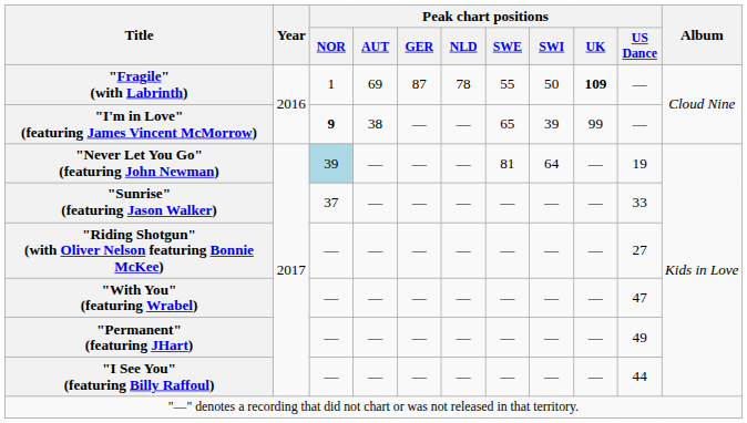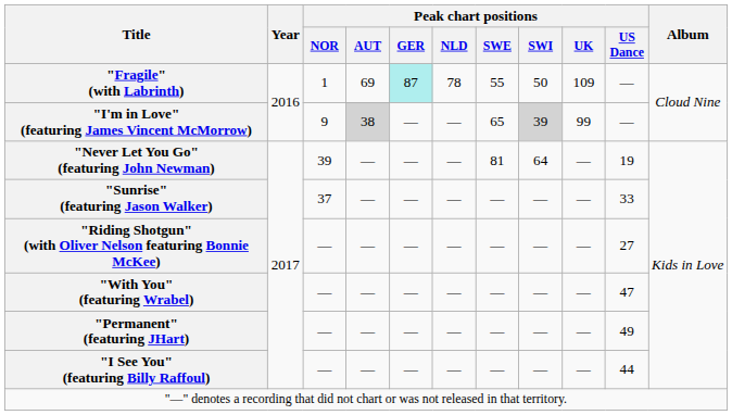 <table class="wikitable plainrowheaders" style="text-align:center;" border="1">
 <tr>
 <th scope="col" rowspan="2" style="width:18em;">Title</th>
 <th scope="col" rowspan="2" style="width:1em;">Year</th>
 <th scope="col" colspan="8">Peak chart positions</th>
 <th scope="col" rowspan="2">Album</th>
 </tr>
 <tr>
 <th scope="col" style="width:2.9em;font-size:90%;"><a href='#'>NOR</a><br></th>
 <th scope="col" style="width:2.9em;font-size:90%;"><a href='#'>AUT</a><br></th>
 <th scope="col" style="width:2.9em;font-size:90%;"><a href='#'>GER</a><br></th>
 <th scope="col" style="width:2.9em;font-size:90%;"><a href='#'>NLD</a><br></th>
 <th scope="col" style="width:2.9em;font-size:90%;"><a href='#'>SWE</a><br></th>
 <th scope="col" style="width:2.9em;font-size:90%;"><a href='#'>SWI</a><br></th>
 <th scope="col" style="width:2.9em;font-size:90%;"><a href='#'>UK</a><br></th>
 <th scope="col" style="width:2.9em;font-size:90%;"><a href='#'>US<br>Dance</a><br></th>
 </tr>
 <tr>
 <th scope="row">"<a href='#'>Fragile</a>"<br><span>(with <a href='#'>Labrinth</a>)</span></th>
 <td rowspan="2">2016</td>
 <td>1</td>
 <td>69</td>
-<td>87</td>
+<td style="background: paleturquoise;">87</td>
 <td>78</td>
 <td>55</td>
 <td>50</td>
-<td><strong>109</strong></td>
+<td>109</td>
 <td>—</td>
 <td rowspan="2"><em>Cloud Nine</em></td>
 </tr>
 <tr>
 <th scope="row">"I'm in Love"<br><span>(featuring <a href='#'>James Vincent McMorrow</a>)</span></th>
-<td><strong>9</strong></td>
-<td>38</td>
+<td>9</td>
+<td style="background: lightgrey;">38</td>
 <td>—</td>
 <td>—</td>
 <td>65</td>
-<td>39</td>
+<td style="background: lightgrey;">39</td>
 <td>99</td>
 <td>—</td>
 </tr>
 <tr>
 <th scope="row">"Never Let You Go"<br><span>(featuring <a href='#'>John Newman</a>)</span></th>
 <td rowspan="6">2017</td>
-<td style="background: lightblue;">39</td>
+<td>39</td>
 <td>—</td>
 <td>—</td>
 <td>—</td>
 <td>81</td>
 <td>64</td>
 <td>—</td>
 <td>19</td>
 <td rowspan="6"><em>Kids in Love</em></td>
 </tr>
 <tr>
 <th scope="row">"Sunrise"<br><span>(featuring <a href='#'>Jason Walker</a>)</span></th>
 <td>37</td>
 <td>—</td>
 <td>—</td>
 <td>—</td>
 <td>—</td>
 <td>—</td>
 <td>—</td>
 <td>33</td>
 </tr>
 <tr>
 <th scope="row">"Riding Shotgun"<br><span>(with <a href='#'>Oliver Nelson</a> featuring <a href='#'>Bonnie McKee</a>)</span></th>
 <td>—</td>
 <td>—</td>
 <td>—</td>
 <td>—</td>
 <td>—</td>
 <td>—</td>
 <td>—</td>
 <td>27</td>
 </tr>
 <tr>
 <th scope="row">"With You"<br><span>(featuring <a href='#'>Wrabel</a>)</span></th>
 <td>—</td>
 <td>—</td>
 <td>—</td>
 <td>—</td>
 <td>—</td>
 <td>—</td>
 <td>—</td>
 <td>47</td>
 </tr>
 <tr>
 <th scope="row">"Permanent"<br><span>(featuring <a href='#'>JHart</a>)</span></th>
 <td>—</td>
 <td>—</td>
 <td>—</td>
 <td>—</td>
 <td>—</td>
 <td>—</td>
 <td>—</td>
 <td>49</td>
 </tr>
 <tr>
 <th scope="row">"I See You"<br><span>(featuring <a href='#'>Billy Raffoul</a>)</span></th>
 <td>—</td>
 <td>—</td>
 <td>—</td>
 <td>—</td>
 <td>—</td>
 <td>—</td>
 <td>—</td>
 <td>44</td>
 </tr>
 <tr>
 <td colspan="14" style="font-size:90%">"—" denotes a recording that did not chart or was not released in that territory.</td>
 </tr>
 </table>
